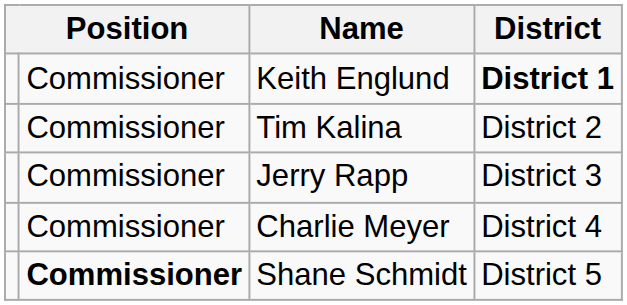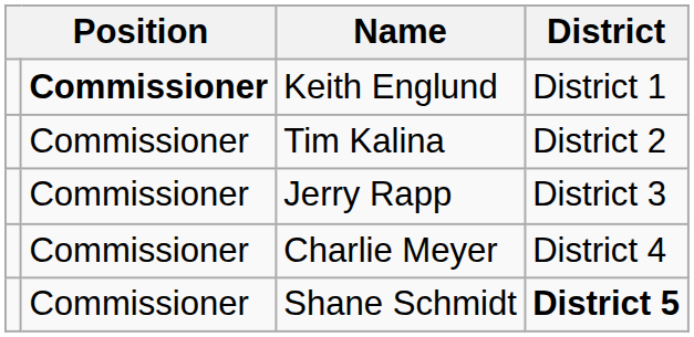 <table class="wikitable">
 <tr>
 <th colspan="2">Position</th>
 <th>Name</th>
 <th>District</th>
 </tr>
 <tr>
 <td></td>
-<td>Commissioner</td>
+<td><strong>Commissioner</strong></td>
 <td>Keith Englund</td>
-<td><strong>District 1</strong></td>
+<td>District 1</td>
 </tr>
 <tr>
 <td></td>
 <td>Commissioner</td>
 <td>Tim Kalina</td>
 <td>District 2</td>
 </tr>
 <tr>
 <td></td>
 <td>Commissioner</td>
 <td>Jerry Rapp</td>
 <td>District 3</td>
 </tr>
 <tr>
 <td></td>
 <td>Commissioner</td>
 <td>Charlie Meyer</td>
 <td>District 4</td>
 </tr>
 <tr>
 <td></td>
-<td><strong>Commissioner</strong></td>
+<td>Commissioner</td>
 <td>Shane Schmidt</td>
-<td>District 5</td>
+<td><strong>District 5</strong></td>
 </tr>
 </table>
